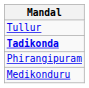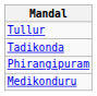 <table class="wikitable sortable static-row-numbers static-row-header-hash">
 <tr>
 <th>Mandal</th>
 </tr>
 <tr>
 <td><a href='#'>Tullur</a></td>
 </tr>
 <tr>
-<td><strong><a href='#'>Tadikonda</a></strong></td>
+<td><a href='#'>Tadikonda</a></td>
 </tr>
 <tr>
 <td><a href='#'>Phirangipuram</a></td>
 </tr>
 <tr>
 <td><a href='#'>Medikonduru</a></td>
 </tr>
 </table>
